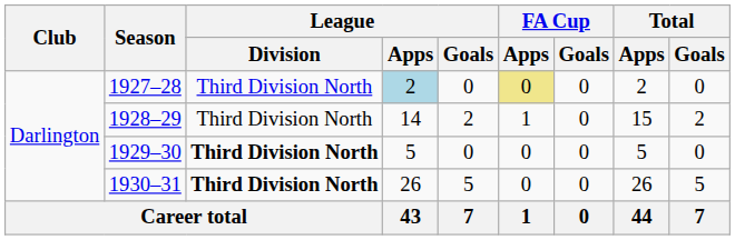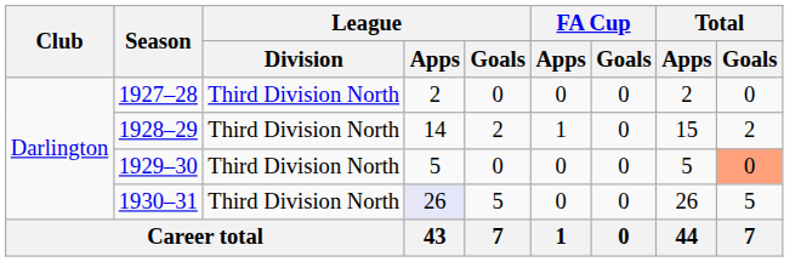 <table class=wikitable style="text-align:center">
 <tr>
 <th rowspan="2">Club</th>
 <th rowspan="2">Season</th>
 <th colspan="3">League</th>
 <th colspan="2"><a href='#'>FA Cup</a></th>
 <th colspan="2">Total</th>
 </tr>
 <tr>
 <th>Division</th>
 <th>Apps</th>
 <th>Goals</th>
 <th>Apps</th>
 <th>Goals</th>
 <th>Apps</th>
 <th>Goals</th>
 </tr>
 <tr>
 <td rowspan="4"><a href='#'>Darlington</a></td>
 <td><a href='#'>1927–28</a></td>
 <td><a href='#'>Third Division North</a></td>
-<td style="background: lightblue;">2</td>
+<td>2</td>
 <td>0</td>
-<td style="background: khaki;">0</td>
+<td>0</td>
 <td>0</td>
 <td>2</td>
 <td>0</td>
 </tr>
 <tr>
 <td><a href='#'>1928–29</a></td>
 <td>Third Division North</td>
 <td>14</td>
 <td>2</td>
 <td>1</td>
 <td>0</td>
 <td>15</td>
 <td>2</td>
 </tr>
 <tr>
 <td><a href='#'>1929–30</a></td>
-<td><strong>Third Division North</strong></td>
+<td>Third Division North</td>
 <td>5</td>
 <td>0</td>
 <td>0</td>
 <td>0</td>
 <td>5</td>
-<td>0</td>
+<td style="background: lightsalmon;">0</td>
 </tr>
 <tr>
 <td><a href='#'>1930–31</a></td>
-<td><strong>Third Division North</strong></td>
-<td>26</td>
+<td>Third Division North</td>
+<td style="background: lavender;">26</td>
 <td>5</td>
 <td>0</td>
 <td>0</td>
 <td>26</td>
 <td>5</td>
 </tr>
 <tr>
 <th colspan="3">Career total</th>
 <th>43</th>
 <th>7</th>
 <th>1</th>
 <th>0</th>
 <th>44</th>
 <th>7</th>
 </tr>
 </table>
